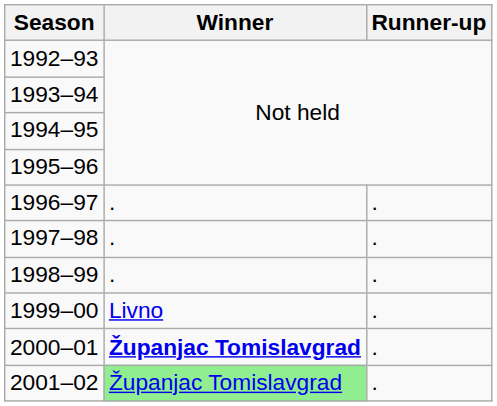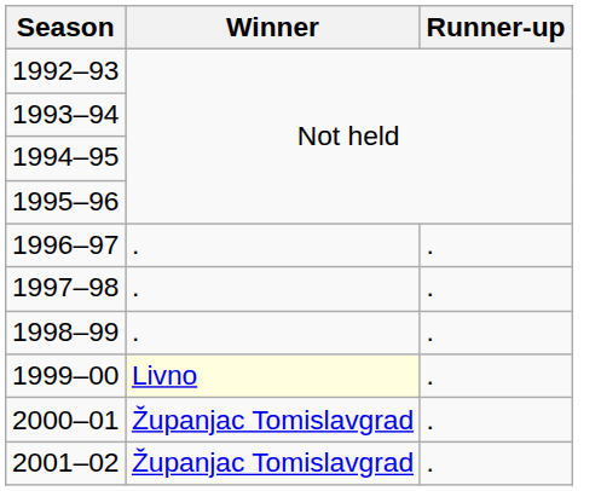 <table class="wikitable">
 <tr>
 <th>Season</th>
 <th>Winner</th>
 <th>Runner-up</th>
 </tr>
 <tr>
 <td>1992–93</td>
 <td colspan=4 rowspan=4 align=center>Not held</td>
 </tr>
 <tr>
 <td>1993–94</td>
 </tr>
 <tr>
 <td>1994–95</td>
 </tr>
 <tr>
 <td>1995–96</td>
 </tr>
 <tr>
 <td>1996–97</td>
 <td>.</td>
 <td>.</td>
 </tr>
 <tr>
 <td>1997–98</td>
 <td>.</td>
 <td>.</td>
 </tr>
 <tr>
 <td>1998–99</td>
 <td>.</td>
 <td>.</td>
 </tr>
 <tr>
 <td>1999–00</td>
-<td><a href='#'>Livno</a></td>
+<td style="background: lightyellow;"><a href='#'>Livno</a></td>
 <td>.</td>
 </tr>
 <tr>
 <td>2000–01</td>
-<td><strong><a href='#'>Županjac Tomislavgrad</a></strong></td>
+<td><a href='#'>Županjac Tomislavgrad</a></td>
 <td>.</td>
 </tr>
 <tr>
 <td>2001–02</td>
-<td style="background: lightgreen;"><a href='#'>Županjac Tomislavgrad</a></td>
+<td><a href='#'>Županjac Tomislavgrad</a></td>
 <td>.</td>
 </tr>
 </table>
